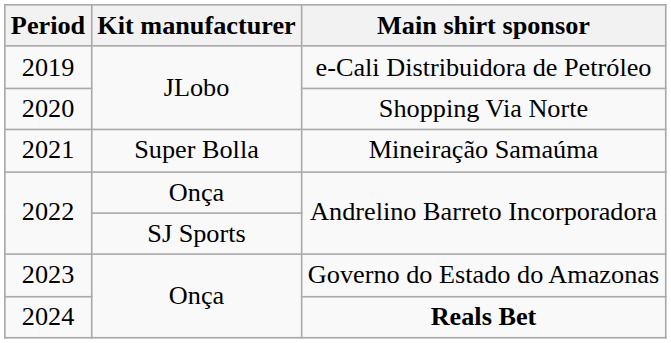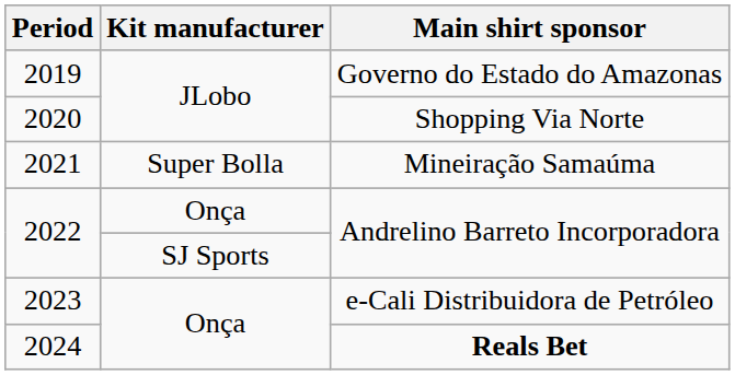 <table class="wikitable" style="text-align: center">
 <tr>
 <th>Period</th>
 <th>Kit manufacturer</th>
 <th>Main shirt sponsor</th>
 </tr>
 <tr>
 <td>2019</td>
 <td rowspan="2">JLobo</td>
-<td>e-Cali Distribuidora de Petróleo</td>
+<td>Governo do Estado do Amazonas</td>
 </tr>
 <tr>
 <td>2020</td>
 <td>Shopping Via Norte</td>
 </tr>
 <tr>
 <td>2021</td>
 <td>Super Bolla</td>
 <td>Mineiração Samaúma</td>
 </tr>
 <tr>
 <td rowspan="2">2022</td>
 <td>Onça </td>
 <td rowspan="2">Andrelino Barreto Incorporadora</td>
 </tr>
 <tr>
 <td>SJ Sports</td>
 </tr>
 <tr>
 <td>2023</td>
 <td rowspan="2">Onça </td>
-<td>Governo do Estado do Amazonas</td>
+<td>e-Cali Distribuidora de Petróleo</td>
 </tr>
 <tr>
 <td>2024</td>
 <td><strong>Reals Bet</strong></td>
 </tr>
 </table>
